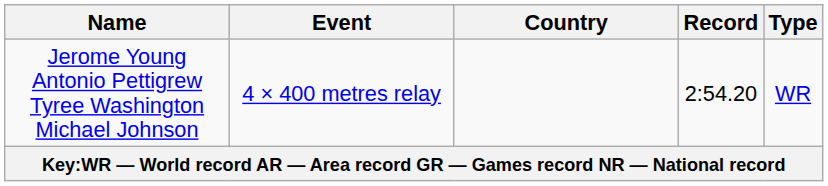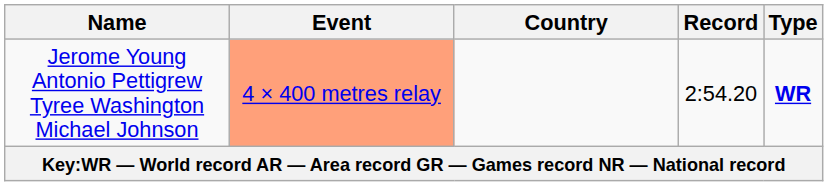 <table class="wikitable" style="text-align: center; font-size:95%">
 <tr>
 <th width="150">Name</th>
 <th width="150">Event</th>
 <th width="150">Country</th>
 <th width="50">Record</th>
 <th width="25">Type</th>
 </tr>
 <tr>
 <td><a href='#'>Jerome Young</a><br><a href='#'>Antonio Pettigrew</a><br><a href='#'>Tyree Washington</a><br><a href='#'>Michael Johnson</a></td>
-<td><a href='#'>4 × 400 metres relay</a></td>
+<td style="background: lightsalmon;"><a href='#'>4 × 400 metres relay</a></td>
 <td></td>
 <td>2:54.20</td>
-<td><a href='#'>WR</a></td>
+<td><strong><a href='#'>WR</a></strong></td>
 </tr>
 <tr>
 <th colspan=5><small>Key:WR — World record  AR — Area record  GR — Games record  NR — National record</small></th>
 </tr>
 </table>
